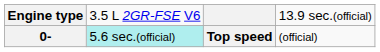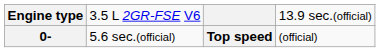 <table class="wikitable" border="1" style="font-size:95%;" style="width:%; text-align:">
 <tr>
 <th>Engine type</th>
 <td>3.5 L <em><a href='#'>2GR-FSE</a></em> <a href='#'>V6</a></td>
 <th></th>
 <td>13.9 sec.<small>(official)</small></td>
 </tr>
 <tr>
 <th>0-</th>
-<td style="background: paleturquoise;">5.6 sec.<small>(official)</small></td>
+<td>5.6 sec.<small>(official)</small></td>
 <th>Top speed</th>
 <td> <small>(official)</small></td>
 </tr>
 </table>
